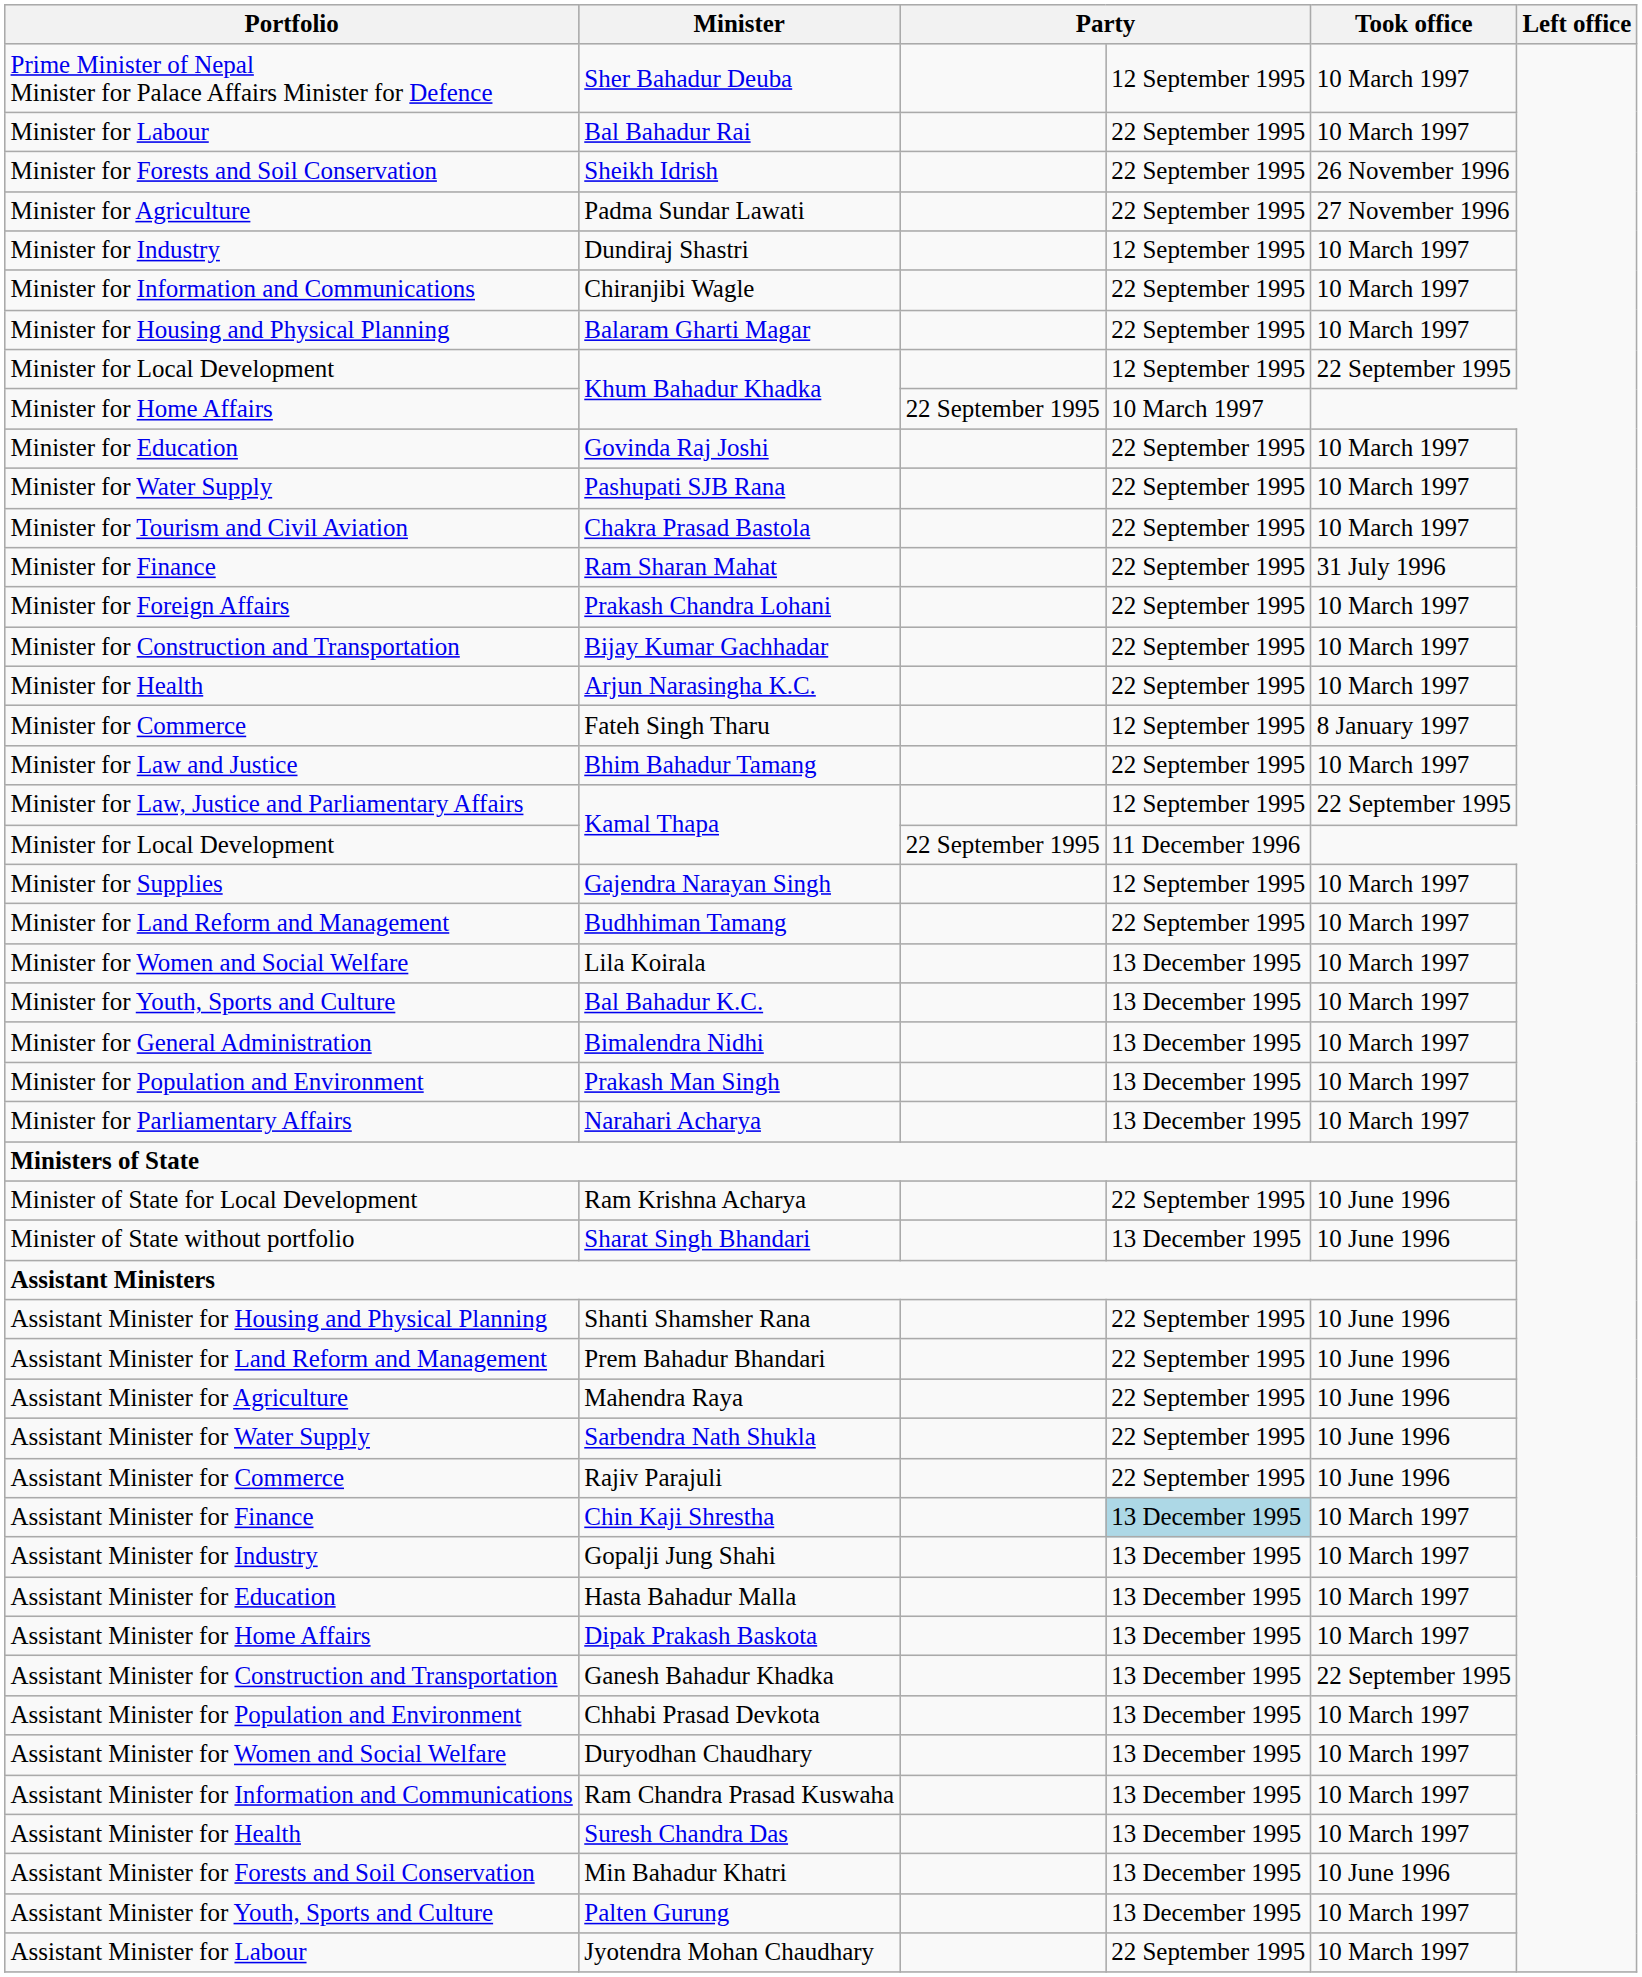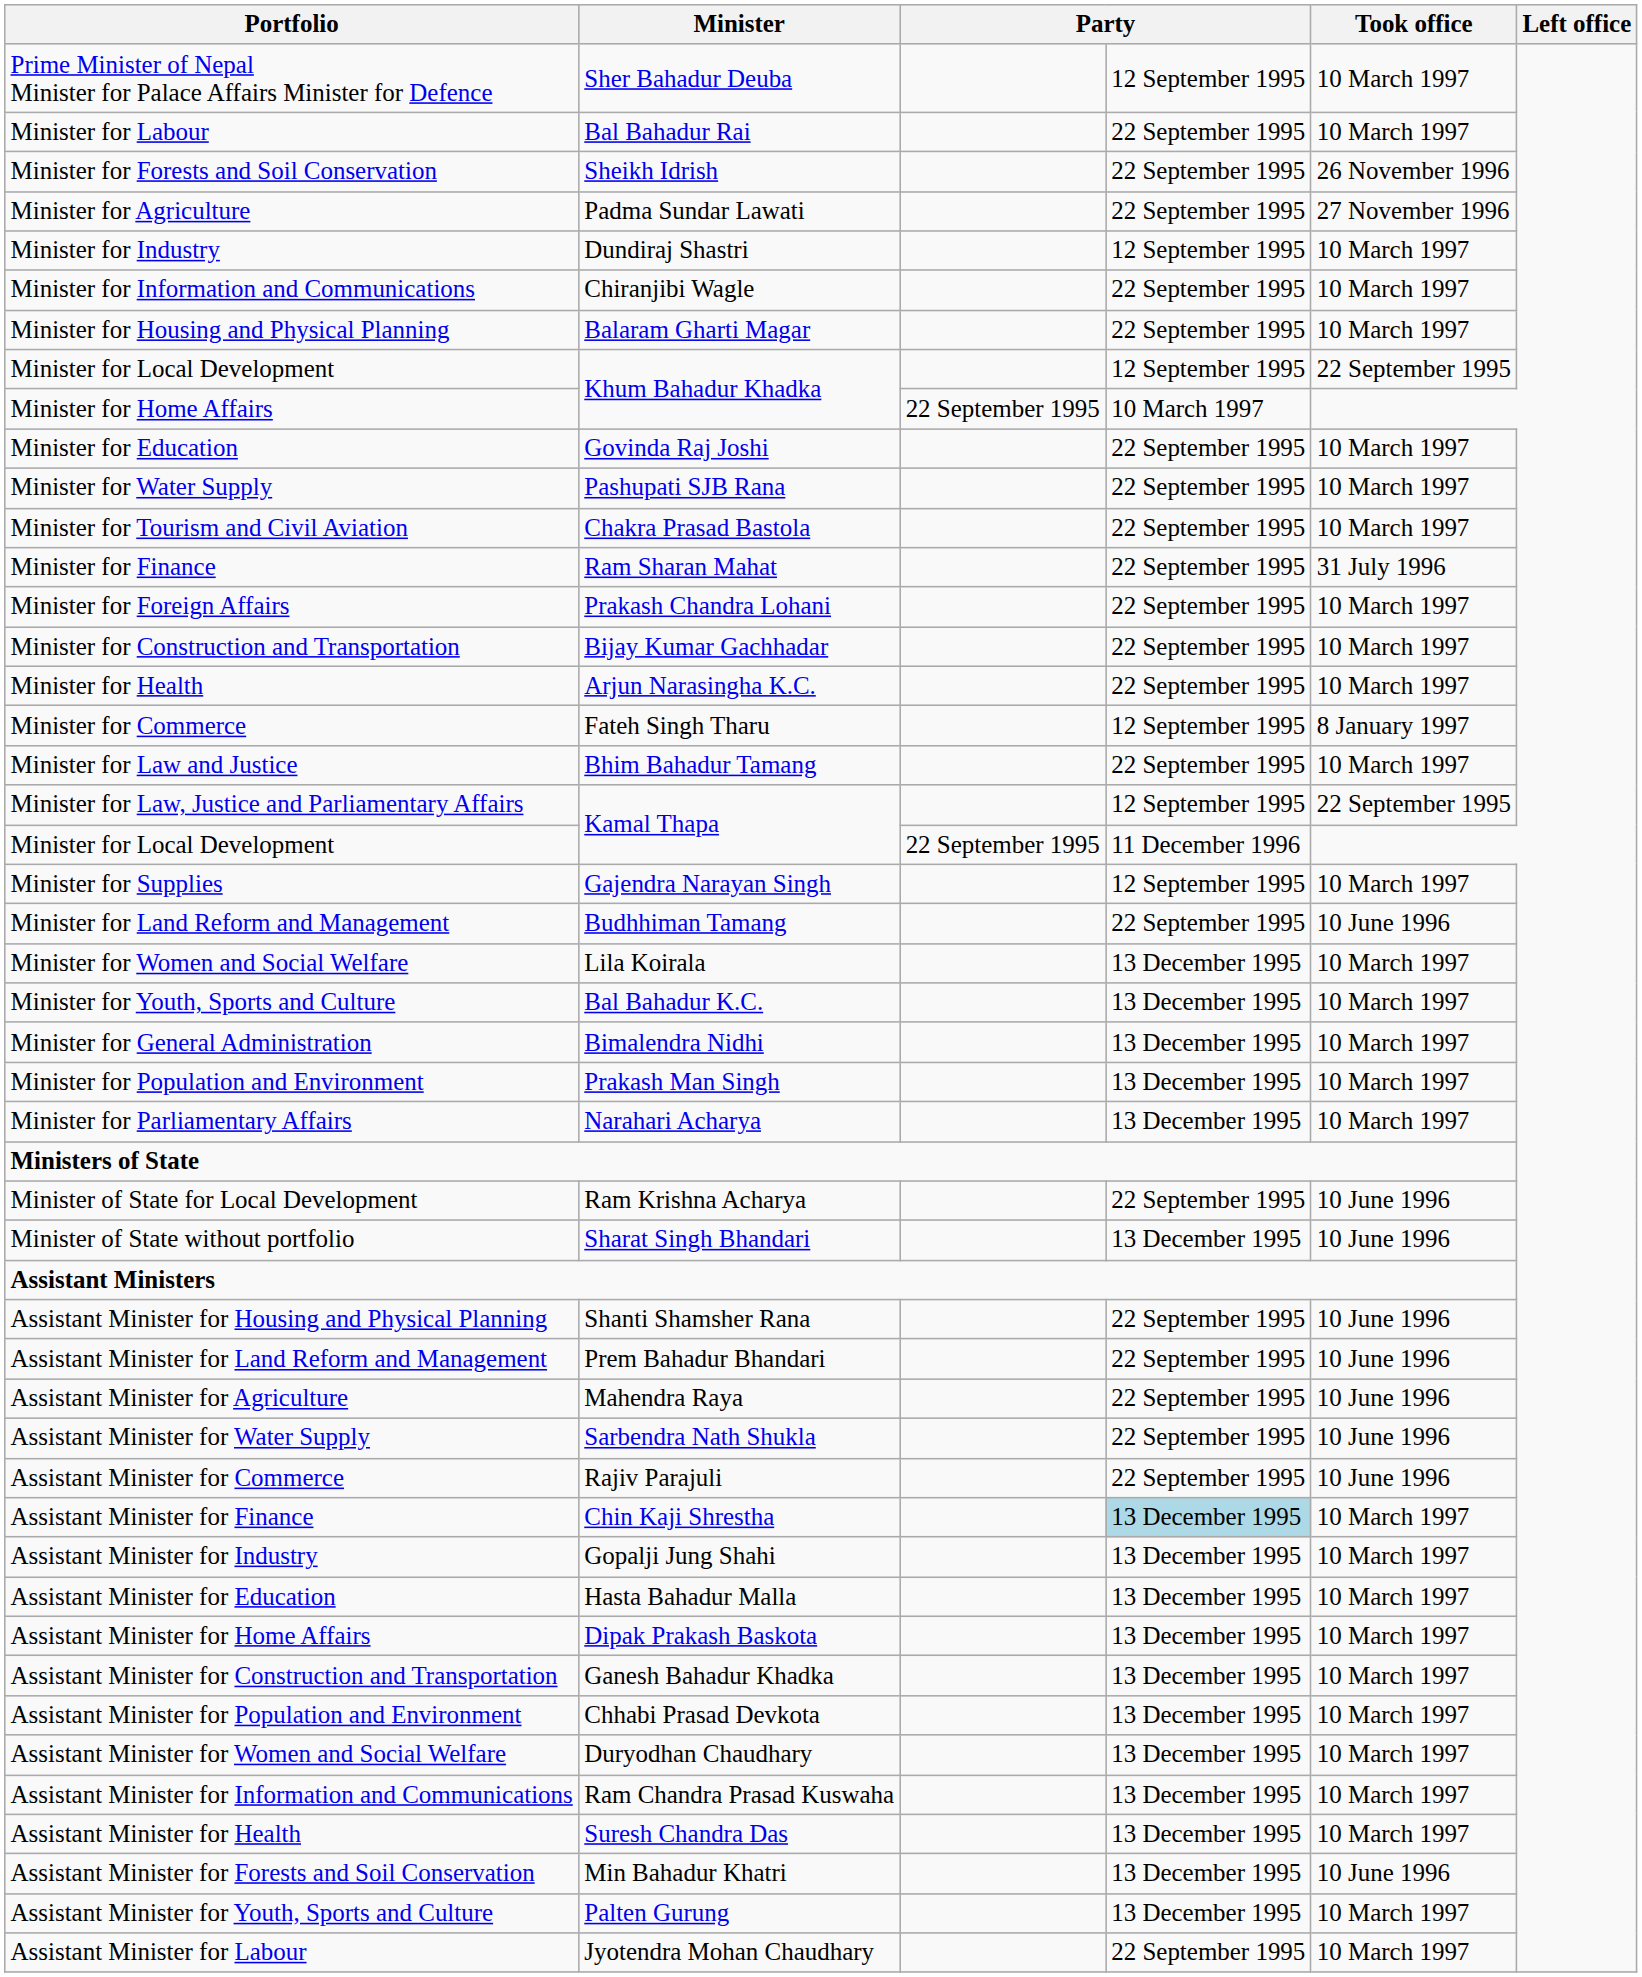 <table class="wikitable">
 <tr>
 <th>Portfolio</th>
 <th>Minister</th>
 <th colspan="2">Party</th>
 <th>Took office</th>
 <th>Left office</th>
 </tr>
 <tr>
 <td><a href='#'>Prime Minister of Nepal</a><br>Minister for Palace Affairs Minister for <a href='#'>Defence</a></td>
 <td><a href='#'>Sher Bahadur Deuba</a></td>
 <td></td>
 <td>12 September 1995</td>
 <td>10 March 1997</td>
 </tr>
 <tr>
 <td>Minister for <a href='#'>Labour</a></td>
 <td><a href='#'>Bal Bahadur Rai</a></td>
 <td></td>
 <td>22 September 1995</td>
 <td>10 March 1997</td>
 </tr>
 <tr>
 <td>Minister for <a href='#'>Forests and Soil Conservation</a></td>
 <td><a href='#'>Sheikh Idrish</a></td>
 <td></td>
 <td>22 September 1995</td>
 <td>26 November 1996</td>
 </tr>
 <tr>
 <td>Minister for <a href='#'>Agriculture</a></td>
 <td>Padma Sundar Lawati</td>
 <td></td>
 <td>22 September 1995</td>
 <td>27 November 1996</td>
 </tr>
 <tr>
 <td>Minister for <a href='#'>Industry</a></td>
 <td>Dundiraj Shastri</td>
 <td></td>
 <td>12 September 1995</td>
 <td>10 March 1997</td>
 </tr>
 <tr>
 <td>Minister for <a href='#'>Information and Communications</a></td>
 <td>Chiranjibi Wagle</td>
 <td></td>
 <td>22 September 1995</td>
 <td>10 March 1997</td>
 </tr>
 <tr>
 <td>Minister for <a href='#'>Housing and Physical Planning</a></td>
 <td><a href='#'>Balaram Gharti Magar</a></td>
 <td></td>
 <td>22 September 1995</td>
 <td>10 March 1997</td>
 </tr>
 <tr>
 <td>Minister for Local Development</td>
 <td rowspan="2"><a href='#'>Khum Bahadur Khadka</a></td>
 <td></td>
 <td>12 September 1995</td>
 <td>22 September 1995</td>
 </tr>
 <tr>
 <td>Minister for <a href='#'>Home Affairs</a></td>
 <td>22 September 1995</td>
 <td>10 March 1997</td>
 </tr>
 <tr>
 <td>Minister for <a href='#'>Education</a></td>
 <td><a href='#'>Govinda Raj Joshi</a></td>
 <td></td>
 <td>22 September 1995</td>
 <td>10 March 1997</td>
 </tr>
 <tr>
 <td>Minister for <a href='#'>Water Supply</a></td>
 <td><a href='#'>Pashupati SJB Rana</a></td>
 <td></td>
 <td>22 September 1995</td>
 <td>10 March 1997</td>
 </tr>
 <tr>
 <td>Minister for <a href='#'>Tourism and Civil Aviation</a></td>
 <td><a href='#'>Chakra Prasad Bastola</a></td>
 <td></td>
 <td>22 September 1995</td>
 <td>10 March 1997</td>
 </tr>
 <tr>
 <td>Minister for <a href='#'>Finance</a></td>
 <td><a href='#'>Ram Sharan Mahat</a></td>
 <td></td>
 <td>22 September 1995</td>
 <td>31 July 1996</td>
 </tr>
 <tr>
 <td>Minister for <a href='#'>Foreign Affairs</a></td>
 <td><a href='#'>Prakash Chandra Lohani</a></td>
 <td></td>
 <td>22 September 1995</td>
 <td>10 March 1997</td>
 </tr>
 <tr>
 <td>Minister for <a href='#'>Construction and Transportation</a></td>
 <td><a href='#'>Bijay Kumar Gachhadar</a></td>
 <td></td>
 <td>22 September 1995</td>
 <td>10 March 1997</td>
 </tr>
 <tr>
 <td>Minister for <a href='#'>Health</a></td>
 <td><a href='#'>Arjun Narasingha K.C.</a></td>
 <td></td>
 <td>22 September 1995</td>
 <td>10 March 1997</td>
 </tr>
 <tr>
 <td>Minister for <a href='#'>Commerce</a></td>
 <td>Fateh Singh Tharu</td>
 <td></td>
 <td>12 September 1995</td>
 <td>8 January 1997</td>
 </tr>
 <tr>
 <td>Minister for <a href='#'>Law and Justice</a></td>
 <td><a href='#'>Bhim Bahadur Tamang</a></td>
 <td></td>
 <td>22 September 1995</td>
 <td>10 March 1997</td>
 </tr>
 <tr>
 <td>Minister for <a href='#'>Law, Justice and Parliamentary Affairs</a></td>
 <td rowspan="2"><a href='#'>Kamal Thapa</a></td>
 <td></td>
 <td>12 September 1995</td>
 <td>22 September 1995</td>
 </tr>
 <tr>
 <td>Minister for Local Development</td>
 <td>22 September 1995</td>
 <td>11 December 1996</td>
 </tr>
 <tr>
 <td>Minister for <a href='#'>Supplies</a></td>
 <td><a href='#'>Gajendra Narayan Singh</a></td>
 <td></td>
 <td>12 September 1995</td>
 <td>10 March 1997</td>
 </tr>
 <tr>
 <td>Minister for <a href='#'>Land Reform and Management</a></td>
 <td><a href='#'>Budhhiman Tamang</a></td>
 <td></td>
 <td>22 September 1995</td>
-<td>10 March 1997</td>
+<td>10 June 1996</td>
 </tr>
 <tr>
 <td>Minister for <a href='#'>Women and Social Welfare</a></td>
 <td>Lila Koirala</td>
 <td></td>
 <td>13 December 1995</td>
 <td>10 March 1997</td>
 </tr>
 <tr>
 <td>Minister for <a href='#'>Youth, Sports and Culture</a></td>
 <td><a href='#'>Bal Bahadur K.C.</a></td>
 <td></td>
 <td>13 December 1995</td>
 <td>10 March 1997</td>
 </tr>
 <tr>
 <td>Minister for <a href='#'>General Administration</a></td>
 <td><a href='#'>Bimalendra Nidhi</a></td>
 <td></td>
 <td>13 December 1995</td>
 <td>10 March 1997</td>
 </tr>
 <tr>
 <td>Minister for <a href='#'>Population and Environment</a></td>
 <td><a href='#'>Prakash Man Singh</a></td>
 <td></td>
 <td>13 December 1995</td>
 <td>10 March 1997</td>
 </tr>
 <tr>
 <td>Minister for <a href='#'>Parliamentary Affairs</a></td>
 <td><a href='#'>Narahari Acharya</a></td>
 <td></td>
 <td>13 December 1995</td>
 <td>10 March 1997</td>
 </tr>
 <tr>
 <td colspan="5"><strong>Ministers of State</strong></td>
 </tr>
 <tr>
 <td>Minister of State for Local Development</td>
 <td>Ram Krishna Acharya</td>
 <td></td>
 <td>22 September 1995</td>
 <td>10 June 1996</td>
 </tr>
 <tr>
 <td>Minister of State without portfolio</td>
 <td><a href='#'>Sharat Singh Bhandari</a></td>
 <td></td>
 <td>13 December 1995</td>
 <td>10 June 1996</td>
 </tr>
 <tr>
 <td colspan="5"><strong>Assistant Ministers</strong></td>
 </tr>
 <tr>
 <td>Assistant Minister for <a href='#'>Housing and Physical Planning</a></td>
 <td>Shanti Shamsher Rana</td>
 <td></td>
 <td>22 September 1995</td>
 <td>10 June 1996</td>
 </tr>
 <tr>
 <td>Assistant Minister for <a href='#'>Land Reform and Management</a></td>
 <td>Prem Bahadur Bhandari</td>
 <td></td>
 <td>22 September 1995</td>
 <td>10 June 1996</td>
 </tr>
 <tr>
 <td>Assistant Minister for <a href='#'>Agriculture</a></td>
 <td>Mahendra Raya</td>
 <td></td>
 <td>22 September 1995</td>
 <td>10 June 1996</td>
 </tr>
 <tr>
 <td>Assistant Minister for <a href='#'>Water Supply</a></td>
 <td><a href='#'>Sarbendra Nath Shukla</a></td>
 <td></td>
 <td>22 September 1995</td>
 <td>10 June 1996</td>
 </tr>
 <tr>
 <td>Assistant Minister for <a href='#'>Commerce</a></td>
 <td>Rajiv Parajuli</td>
 <td></td>
 <td>22 September 1995</td>
 <td>10 June 1996</td>
 </tr>
 <tr>
 <td>Assistant Minister for <a href='#'>Finance</a></td>
 <td><a href='#'>Chin Kaji Shrestha</a></td>
 <td></td>
 <td style="background: lightblue;">13 December 1995</td>
 <td>10 March 1997</td>
 </tr>
 <tr>
 <td>Assistant Minister for <a href='#'>Industry</a></td>
 <td>Gopalji Jung Shahi</td>
 <td></td>
 <td>13 December 1995</td>
 <td>10 March 1997</td>
 </tr>
 <tr>
 <td>Assistant Minister for <a href='#'>Education</a></td>
 <td>Hasta Bahadur Malla</td>
 <td></td>
 <td>13 December 1995</td>
 <td>10 March 1997</td>
 </tr>
 <tr>
 <td>Assistant Minister for <a href='#'>Home Affairs</a></td>
 <td><a href='#'>Dipak Prakash Baskota</a></td>
 <td></td>
 <td>13 December 1995</td>
 <td>10 March 1997</td>
 </tr>
 <tr>
 <td>Assistant Minister for <a href='#'>Construction and Transportation</a></td>
 <td>Ganesh Bahadur Khadka</td>
 <td></td>
 <td>13 December 1995</td>
-<td>22 September 1995</td>
+<td>10 March 1997</td>
 </tr>
 <tr>
 <td>Assistant Minister for <a href='#'>Population and Environment</a></td>
 <td>Chhabi Prasad Devkota</td>
 <td></td>
 <td>13 December 1995</td>
 <td>10 March 1997</td>
 </tr>
 <tr>
 <td>Assistant Minister for <a href='#'>Women and Social Welfare</a></td>
 <td>Duryodhan Chaudhary</td>
 <td></td>
 <td>13 December 1995</td>
 <td>10 March 1997</td>
 </tr>
 <tr>
 <td>Assistant Minister for <a href='#'>Information and Communications</a></td>
 <td>Ram Chandra Prasad Kuswaha</td>
 <td></td>
 <td>13 December 1995</td>
 <td>10 March 1997</td>
 </tr>
 <tr>
 <td>Assistant Minister for <a href='#'>Health</a></td>
 <td><a href='#'>Suresh Chandra Das</a></td>
 <td></td>
 <td>13 December 1995</td>
 <td>10 March 1997</td>
 </tr>
 <tr>
 <td>Assistant Minister for <a href='#'>Forests and Soil Conservation</a></td>
 <td>Min Bahadur Khatri</td>
 <td></td>
 <td>13 December 1995</td>
 <td>10 June 1996</td>
 </tr>
 <tr>
 <td>Assistant Minister for <a href='#'>Youth, Sports and Culture</a></td>
 <td><a href='#'>Palten Gurung</a></td>
 <td></td>
 <td>13 December 1995</td>
 <td>10 March 1997</td>
 </tr>
 <tr>
 <td>Assistant Minister for <a href='#'>Labour</a></td>
 <td>Jyotendra Mohan Chaudhary</td>
 <td></td>
 <td>22 September 1995</td>
 <td>10 March 1997</td>
 </tr>
 </table>
